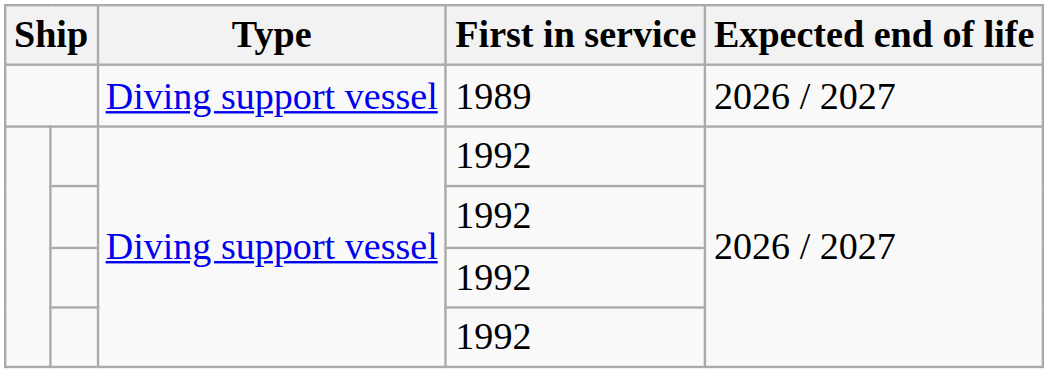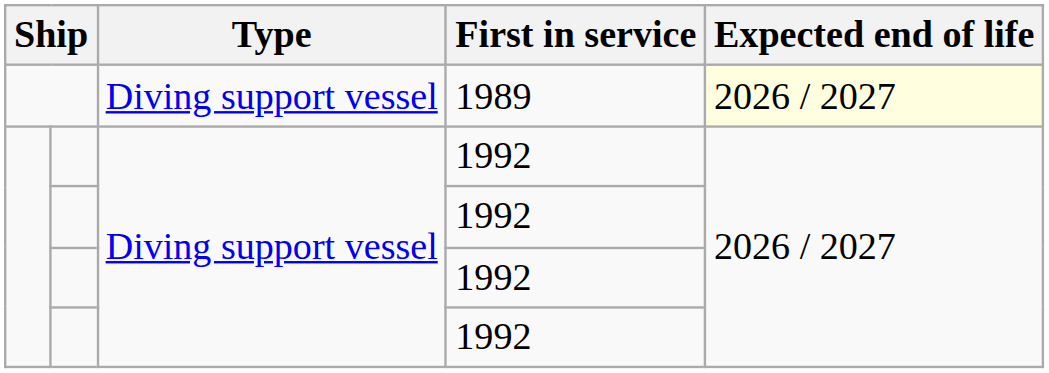 <table class="wikitable plainrowheaders">
 <tr>
 <th colspan=2>Ship</th>
 <th>Type</th>
 <th>First in service</th>
 <th>Expected end of life</th>
 </tr>
 <tr>
 <td colspan=2></td>
 <td><a href='#'>Diving support vessel</a></td>
 <td>1989</td>
-<td>2026 / 2027</td>
+<td style="background: lightyellow;">2026 / 2027</td>
 </tr>
 <tr>
 <td rowspan=4></td>
 <td></td>
 <td rowspan=4><a href='#'>Diving support vessel</a></td>
 <td>1992</td>
 <td rowspan=4>2026 / 2027</td>
 </tr>
 <tr>
 <td></td>
 <td>1992</td>
 </tr>
 <tr>
 <td></td>
 <td>1992</td>
 </tr>
 <tr>
 <td></td>
 <td>1992</td>
 </tr>
 </table>
